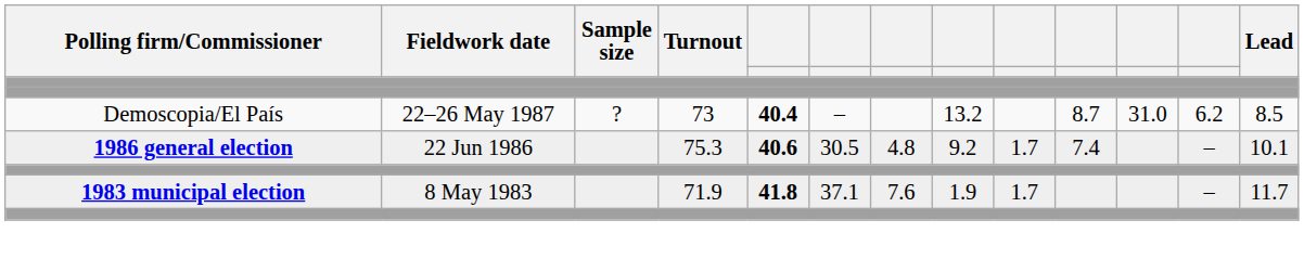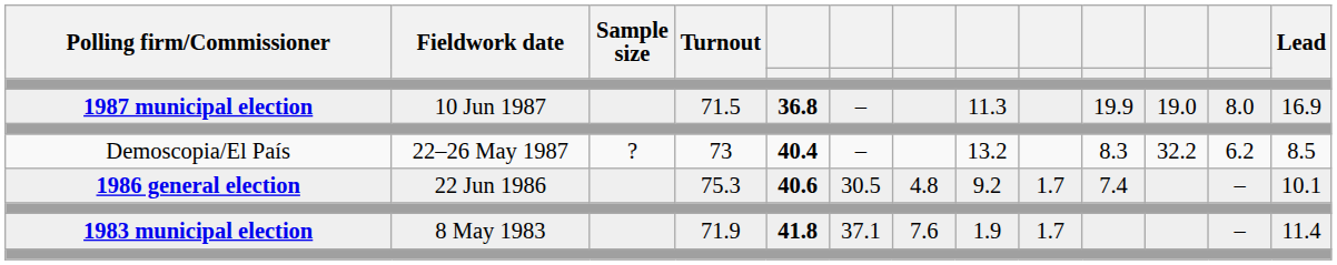 <table class="wikitable collapsible collapsed" style="text-align:center; font-size:95%; line-height:16px;">
 <tr style="height:42px;">
 <th style="width:250px;" rowspan="2">Polling firm/Commissioner</th>
 <th style="width:125px;" rowspan="2">Fieldwork date</th>
 <th style="width:50px;" rowspan="2">Sample size</th>
 <th style="width:45px;" rowspan="2">Turnout</th>
 <th style="width:35px;"></th>
 <th style="width:35px;"></th>
 <th style="width:35px;"></th>
 <th style="width:35px;"></th>
 <th style="width:35px;"></th>
 <th style="width:35px;"></th>
 <th style="width:35px;"></th>
 <th style="width:35px;"></th>
 <th style="width:30px;" rowspan="2">Lead</th>
 </tr>
 <tr>
 <th style="color:inherit;background:"></th>
 <th style="color:inherit;background:"></th>
 <th style="color:inherit;background:"></th>
 <th style="color:inherit;background:"></th>
 <th style="color:inherit;background:"></th>
 <th style="color:inherit;background:"></th>
 <th style="color:inherit;background:"></th>
 <th style="color:inherit;background:"></th>
 </tr>
 <tr>
 <td colspan="13" style="background:#A0A0A0"></td>
 </tr>
+<tr style="background:#EFEFEF;">
+<td><strong><a href='#'>1987 municipal election</a></strong></td>
+<td>10 Jun 1987</td>
+<td></td>
+<td>71.5</td>
+<td><strong>36.8</strong><br></td>
+<td>–</td>
+<td></td>
+<td>11.3<br></td>
+<td></td>
+<td>19.9<br></td>
+<td>19.0<br></td>
+<td>8.0<br></td>
+<td style="background:">16.9</td>
+</tr>
 <tr>
 <td colspan="13" style="background:#A0A0A0"></td>
 </tr>
 <tr>
 <td>Demoscopia/El País</td>
 <td>22–26 May 1987</td>
 <td>?</td>
 <td>73</td>
 <td><strong>40.4</strong><br></td>
 <td>–</td>
 <td></td>
 <td>13.2<br></td>
 <td></td>
-<td>8.7<br></td>
-<td>31.0<br></td>
+<td>8.3<br></td>
+<td>32.2<br></td>
 <td>6.2<br></td>
 <td style="background:">8.5</td>
 </tr>
 <tr style="background:#EFEFEF;">
 <td><strong><a href='#'>1986 general election</a></strong></td>
 <td>22 Jun 1986</td>
 <td></td>
 <td>75.3</td>
 <td><strong>40.6</strong><br></td>
 <td>30.5<br></td>
 <td>4.8<br></td>
 <td>9.2<br></td>
 <td>1.7<br></td>
 <td>7.4<br></td>
 <td></td>
 <td>–</td>
 <td style="background:">10.1</td>
 </tr>
 <tr>
 <td colspan="13" style="background:#A0A0A0"></td>
 </tr>
 <tr style="background:#EFEFEF;">
 <td><strong><a href='#'>1983 municipal election</a></strong></td>
 <td>8 May 1983</td>
 <td></td>
 <td>71.9</td>
 <td><strong>41.8</strong><br></td>
 <td>37.1<br></td>
 <td>7.6<br></td>
 <td>1.9<br></td>
 <td>1.7<br></td>
 <td></td>
 <td></td>
 <td>–</td>
-<td style="background:">11.7</td>
+<td style="background:">11.4</td>
 </tr>
 <tr>
 <td colspan="13" style="background:#A0A0A0"></td>
 </tr>
 </table>
